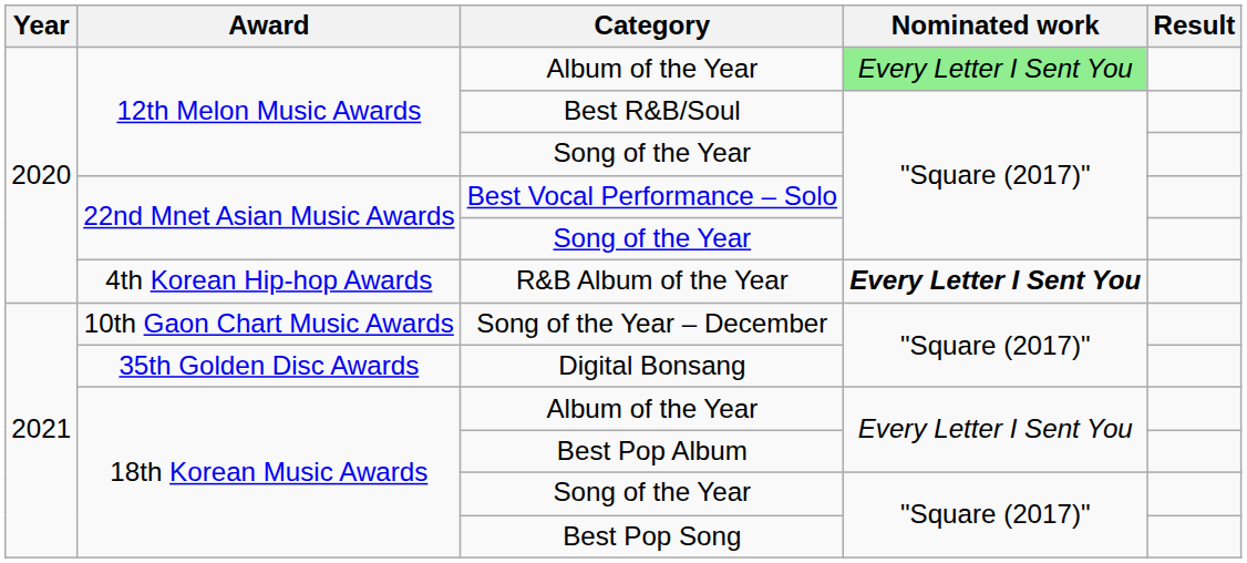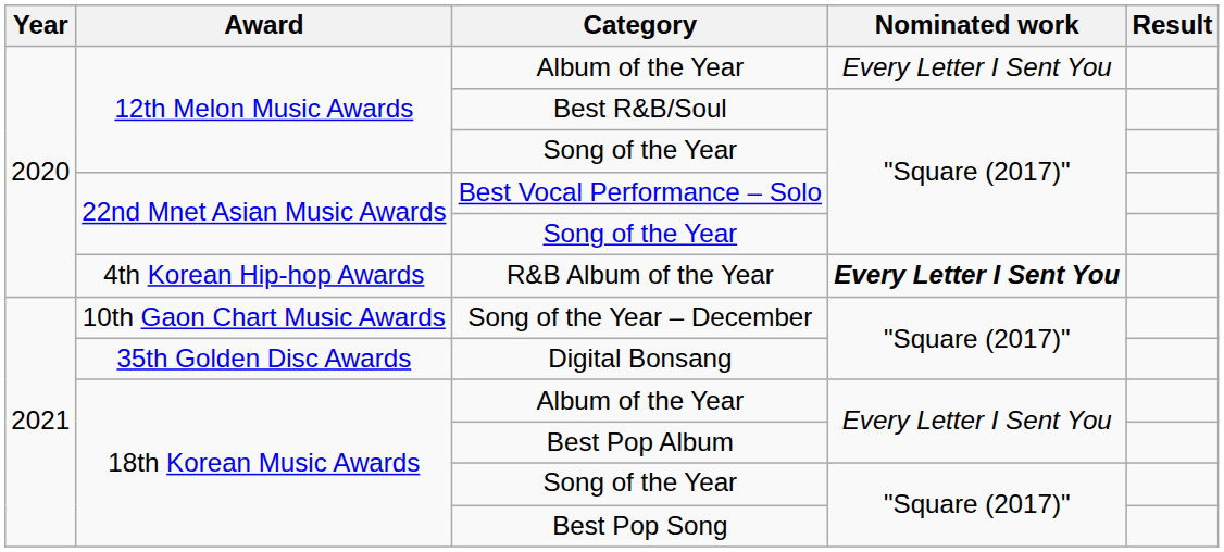 <table class="wikitable sortable" style="text-align:center">
 <tr>
 <th>Year</th>
 <th>Award</th>
 <th>Category</th>
 <th>Nominated work</th>
 <th>Result</th>
 </tr>
 <tr>
 <td rowspan="6">2020</td>
 <td rowspan="3"><a href='#'>12th Melon Music Awards</a></td>
 <td>Album of the Year</td>
-<td style="background: lightgreen;"><em>Every Letter I Sent You</em></td>
+<td><em>Every Letter I Sent You</em></td>
 <td></td>
 </tr>
 <tr>
 <td>Best R&B/Soul</td>
 <td rowspan="4">"Square (2017)"</td>
 <td></td>
 </tr>
 <tr>
 <td>Song of the Year</td>
 <td></td>
 </tr>
 <tr>
 <td rowspan="2"><a href='#'>22nd Mnet Asian Music Awards</a></td>
 <td><a href='#'>Best Vocal Performance – Solo</a></td>
 <td></td>
 </tr>
 <tr>
 <td><a href='#'>Song of the Year</a></td>
 <td></td>
 </tr>
 <tr>
 <td>4th <a href='#'>Korean Hip-hop Awards</a></td>
 <td>R&B Album of the Year</td>
 <td><strong><em>Every Letter I Sent You</em></strong></td>
 <td></td>
 </tr>
 <tr>
 <td rowspan="7">2021</td>
 <td>10th <a href='#'>Gaon Chart Music Awards</a></td>
 <td>Song of the Year – December</td>
 <td rowspan="2">"Square (2017)"</td>
 <td></td>
 </tr>
 <tr>
 <td><a href='#'>35th Golden Disc Awards</a></td>
 <td>Digital Bonsang</td>
 <td></td>
 </tr>
 <tr>
 <td rowspan="5">18th <a href='#'>Korean Music Awards</a></td>
 <td>Album of the Year</td>
 <td rowspan="2"><em>Every Letter I Sent You</em></td>
 <td></td>
 </tr>
 <tr>
 <td>Best Pop Album</td>
 <td></td>
 </tr>
 <tr>
 <td>Song of the Year</td>
 <td rowspan="2">"Square (2017)"</td>
 <td></td>
 </tr>
 <tr>
 <td>Best Pop Song</td>
 <td></td>
 </tr>
 </table>
